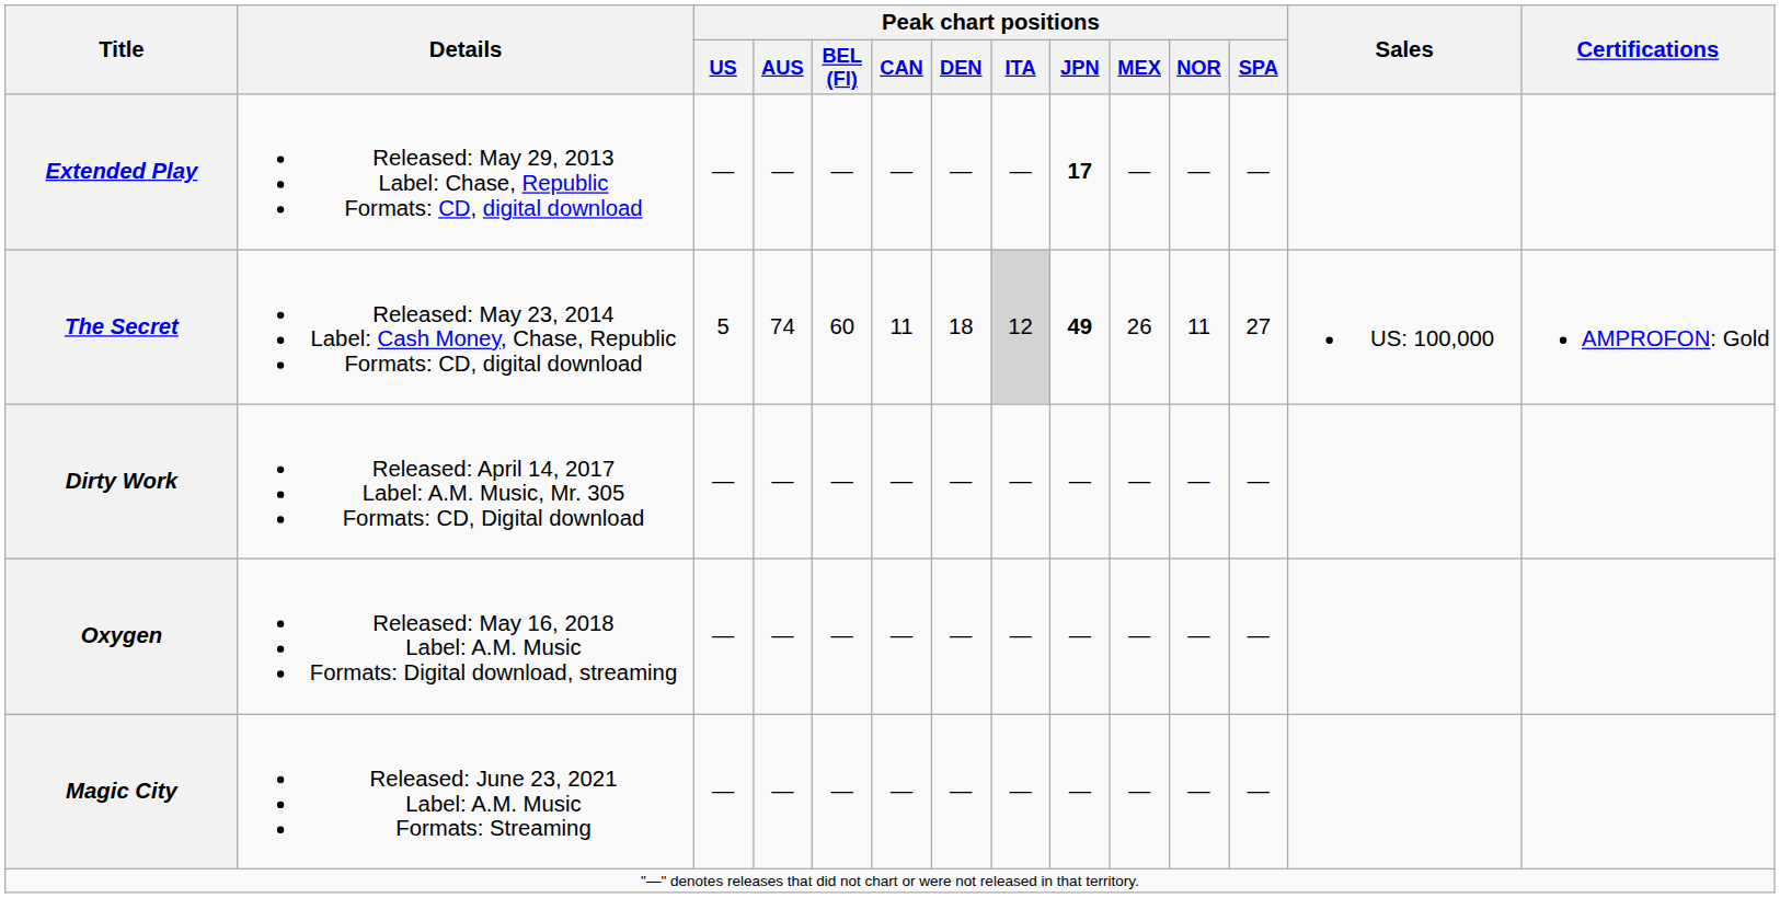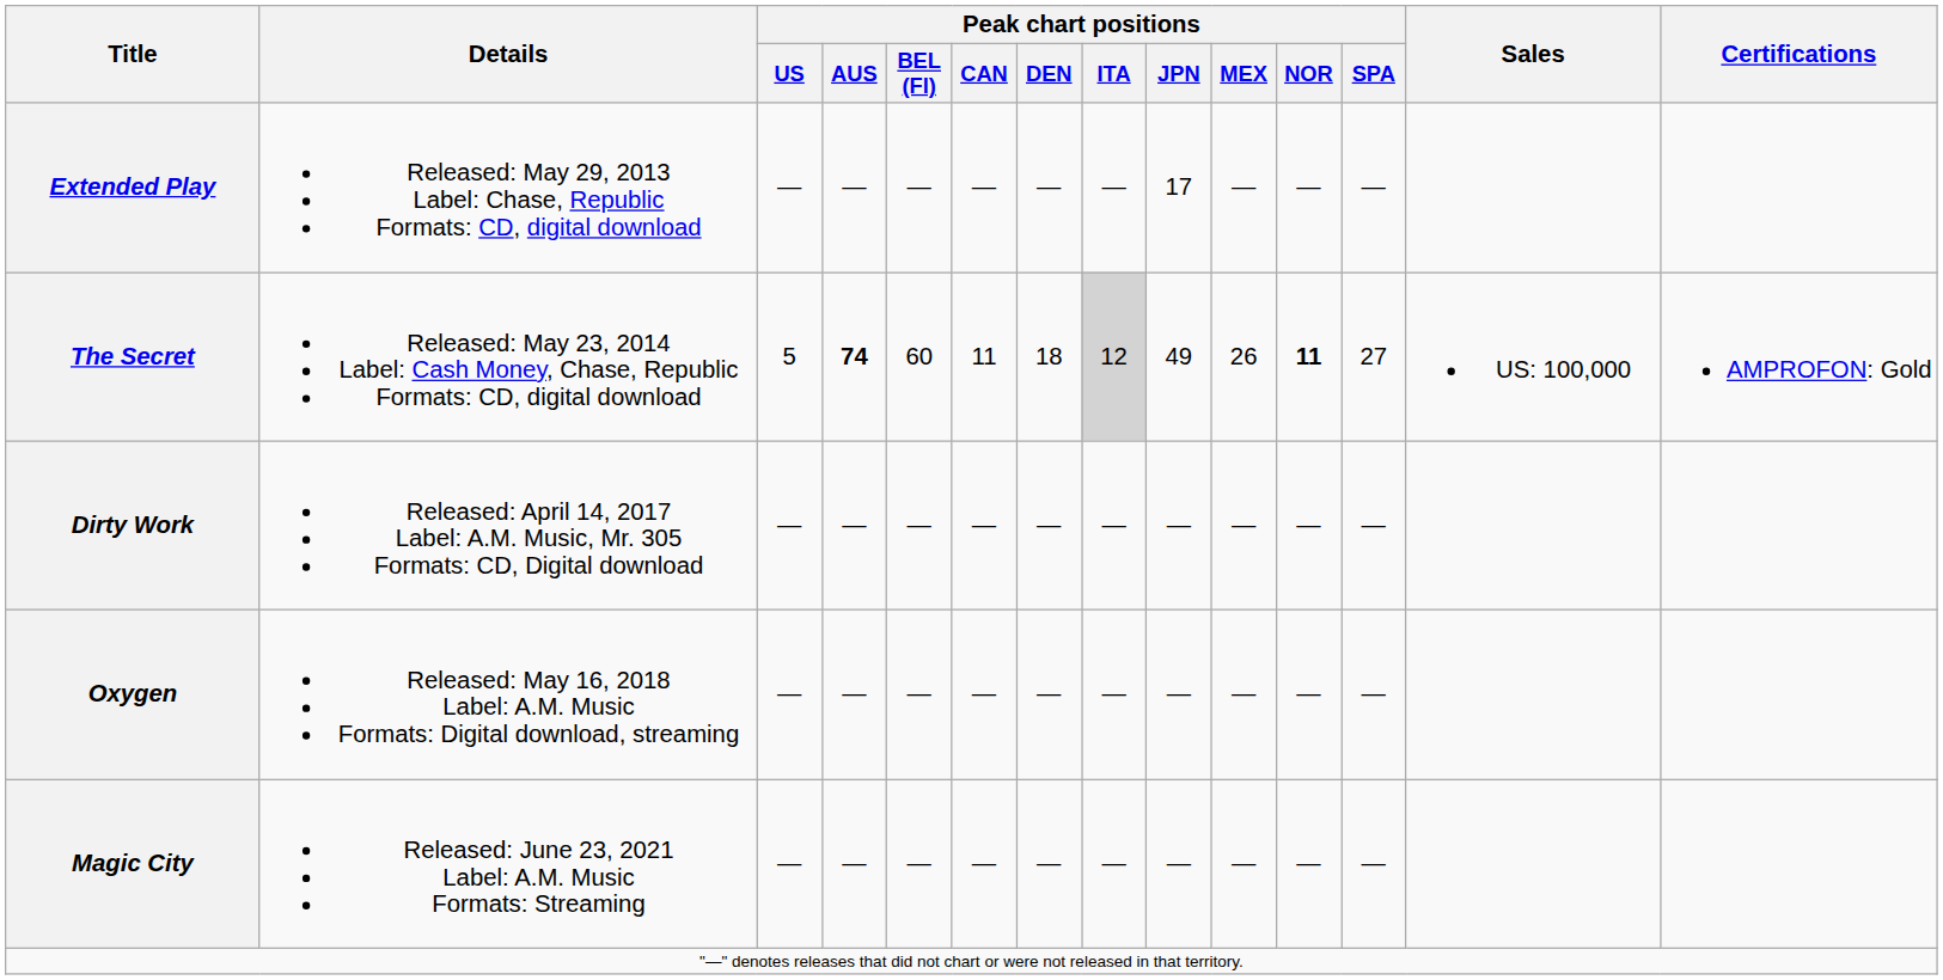 <table class="wikitable plainrowheaders" style="text-align:center;">
 <tr>
 <th scope="col" rowspan="2" style="width:10em;">Title</th>
 <th scope="col" rowspan="2" style="width:20em;">Details</th>
 <th scope="col" colspan="10">Peak chart positions</th>
 <th scope="col" rowspan="2" style="width:10em;">Sales</th>
 <th scope="col" rowspan="2"><a href='#'>Certifications</a></th>
 </tr>
 <tr>
 <th scope="col" style="width:2.5em;font-size:90%;"><a href='#'>US</a><br></th>
 <th scope="col" style="width:2.5em;font-size:90%;"><a href='#'>AUS</a><br></th>
 <th scope="col" style="width:2.5em;font-size:90%;"><a href='#'>BEL<br>(Fl)</a><br></th>
 <th scope="col" style="width:2.5em;font-size:90%;"><a href='#'>CAN</a><br></th>
 <th scope="col" style="width:2.5em;font-size:90%;"><a href='#'>DEN</a><br></th>
 <th scope="col" style="width:2.5em;font-size:90%;"><a href='#'>ITA</a><br></th>
 <th scope="col" style="width:2.5em;font-size:90%;"><a href='#'>JPN</a><br></th>
 <th scope="col" style="width:2.5em;font-size:90%;"><a href='#'>MEX</a><br></th>
 <th scope="col" style="width:2.5em;font-size:90%;"><a href='#'>NOR</a><br></th>
 <th scope="col" style="width:2.5em;font-size:90%;"><a href='#'>SPA</a><br></th>
 </tr>
 <tr>
 <th scope="row"><em><a href='#'>Extended Play</a></em></th>
 <td><br><ul><li>Released: May 29, 2013 </li><li>Label: Chase, <a href='#'>Republic</a></li><li>Formats: <a href='#'>CD</a>, <a href='#'>digital download</a></li></ul></td>
 <td>—</td>
 <td>—</td>
 <td>—</td>
 <td>—</td>
 <td>—</td>
 <td>—</td>
-<td><strong>17</strong></td>
+<td>17</td>
 <td>—</td>
 <td>—</td>
 <td>—</td>
 <td></td>
 <td></td>
 </tr>
 <tr>
 <th scope="row"><em><a href='#'>The Secret</a></em></th>
 <td><br><ul><li>Released: May 23, 2014</li><li>Label: <a href='#'>Cash Money</a>, Chase, Republic</li><li>Formats: CD, digital download</li></ul></td>
 <td>5</td>
-<td>74</td>
+<td><strong>74</strong></td>
 <td>60</td>
 <td>11</td>
 <td>18</td>
 <td style="background: lightgrey;">12</td>
-<td><strong>49</strong></td>
+<td>49</td>
 <td>26</td>
-<td>11</td>
+<td><strong>11</strong></td>
 <td>27</td>
 <td><br><ul><li>US: 100,000</li></ul></td>
 <td><br><ul><li><a href='#'>AMPROFON</a>: Gold</li></ul></td>
 </tr>
 <tr>
 <th scope="row"><em>Dirty Work</em></th>
 <td><br><ul><li>Released: April 14, 2017</li><li>Label: A.M. Music, Mr. 305</li><li>Formats: CD, Digital download</li></ul></td>
 <td>—</td>
 <td>—</td>
 <td>—</td>
 <td>—</td>
 <td>—</td>
 <td>—</td>
 <td>—</td>
 <td>—</td>
 <td>—</td>
 <td>—</td>
 <td></td>
 <td></td>
 </tr>
 <tr>
 <th scope="row"><em>Oxygen</em></th>
 <td><br><ul><li>Released: May 16, 2018</li><li>Label: A.M. Music</li><li>Formats: Digital download, streaming</li></ul></td>
 <td>—</td>
 <td>—</td>
 <td>—</td>
 <td>—</td>
 <td>—</td>
 <td>—</td>
 <td>—</td>
 <td>—</td>
 <td>—</td>
 <td>—</td>
 <td></td>
 <td></td>
 </tr>
 <tr>
 <th scope="row"><em>Magic City</em></th>
 <td><br><ul><li>Released: June 23, 2021</li><li>Label: A.M. Music</li><li>Formats: Streaming</li></ul></td>
 <td>—</td>
 <td>—</td>
 <td>—</td>
 <td>—</td>
 <td>—</td>
 <td>—</td>
 <td>—</td>
 <td>—</td>
 <td>—</td>
 <td>—</td>
 <td></td>
 <td></td>
 </tr>
 <tr>
 <td colspan="15" style="font-size:8pt">"—" denotes releases that did not chart or were not released in that territory.</td>
 </tr>
 </table>
